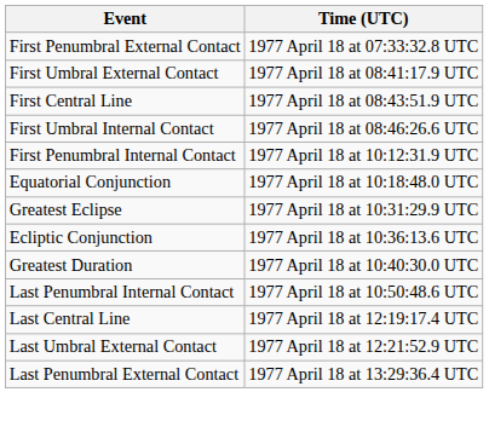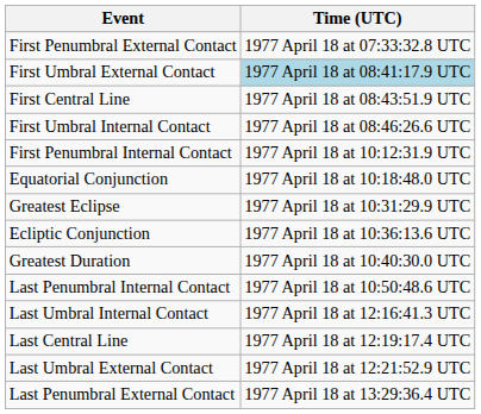 <table class="wikitable">
 <tr>
 <th>Event</th>
 <th>Time (UTC)</th>
 </tr>
 <tr>
 <td>First Penumbral External Contact</td>
 <td>1977 April 18 at 07:33:32.8 UTC</td>
 </tr>
 <tr>
 <td>First Umbral External Contact</td>
-<td>1977 April 18 at 08:41:17.9 UTC</td>
+<td style="background: lightblue;">1977 April 18 at 08:41:17.9 UTC</td>
 </tr>
 <tr>
 <td>First Central Line</td>
 <td>1977 April 18 at 08:43:51.9 UTC</td>
 </tr>
 <tr>
 <td>First Umbral Internal Contact</td>
 <td>1977 April 18 at 08:46:26.6 UTC</td>
 </tr>
 <tr>
 <td>First Penumbral Internal Contact</td>
 <td>1977 April 18 at 10:12:31.9 UTC</td>
 </tr>
 <tr>
 <td>Equatorial Conjunction</td>
 <td>1977 April 18 at 10:18:48.0 UTC</td>
 </tr>
 <tr>
 <td>Greatest Eclipse</td>
 <td>1977 April 18 at 10:31:29.9 UTC</td>
 </tr>
 <tr>
 <td>Ecliptic Conjunction</td>
 <td>1977 April 18 at 10:36:13.6 UTC</td>
 </tr>
 <tr>
 <td>Greatest Duration</td>
 <td>1977 April 18 at 10:40:30.0 UTC</td>
 </tr>
 <tr>
 <td>Last Penumbral Internal Contact</td>
 <td>1977 April 18 at 10:50:48.6 UTC</td>
 </tr>
 <tr>
+<td>Last Umbral Internal Contact</td>
+<td>1977 April 18 at 12:16:41.3 UTC</td>
+</tr>
+<tr>
 <td>Last Central Line</td>
 <td>1977 April 18 at 12:19:17.4 UTC</td>
 </tr>
 <tr>
 <td>Last Umbral External Contact</td>
 <td>1977 April 18 at 12:21:52.9 UTC</td>
 </tr>
 <tr>
 <td>Last Penumbral External Contact</td>
 <td>1977 April 18 at 13:29:36.4 UTC</td>
 </tr>
 </table>
